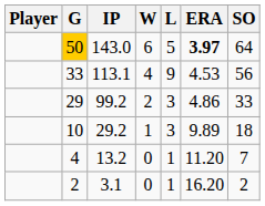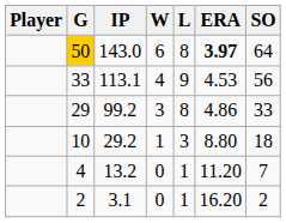 <table class="wikitable sortable">
 <tr>
 <th>Player</th>
 <th>G</th>
 <th>IP</th>
 <th>W</th>
 <th>L</th>
 <th>ERA</th>
 <th>SO</th>
 </tr>
 <tr align="center">
 <td></td>
 <td style="background:#fc0;">50</td>
 <td>143.0</td>
 <td>6</td>
-<td>5</td>
+<td>8</td>
 <td><strong>3.97</strong></td>
 <td>64</td>
 </tr>
 <tr align="center">
 <td></td>
 <td>33</td>
 <td>113.1</td>
 <td>4</td>
 <td>9</td>
 <td>4.53</td>
 <td>56</td>
 </tr>
 <tr align="center">
 <td></td>
 <td>29</td>
 <td>99.2</td>
-<td>2</td>
 <td>3</td>
+<td>8</td>
 <td>4.86</td>
 <td>33</td>
 </tr>
 <tr align="center">
 <td></td>
 <td>10</td>
 <td>29.2</td>
 <td>1</td>
 <td>3</td>
-<td>9.89</td>
+<td>8.80</td>
 <td>18</td>
 </tr>
 <tr align="center">
 <td></td>
 <td>4</td>
 <td>13.2</td>
 <td>0</td>
 <td>1</td>
 <td>11.20</td>
 <td>7</td>
 </tr>
 <tr align="center">
 <td></td>
 <td>2</td>
 <td>3.1</td>
 <td>0</td>
 <td>1</td>
 <td>16.20</td>
 <td>2</td>
 </tr>
 </table>
